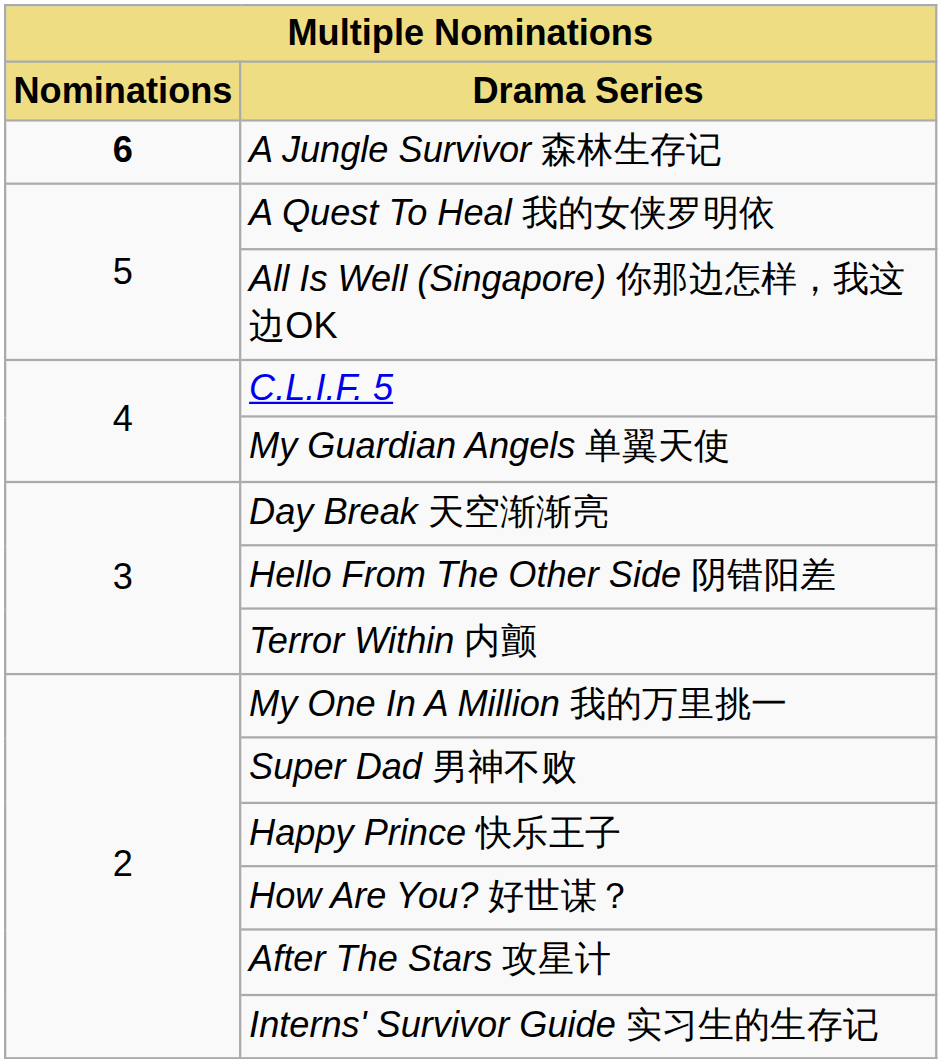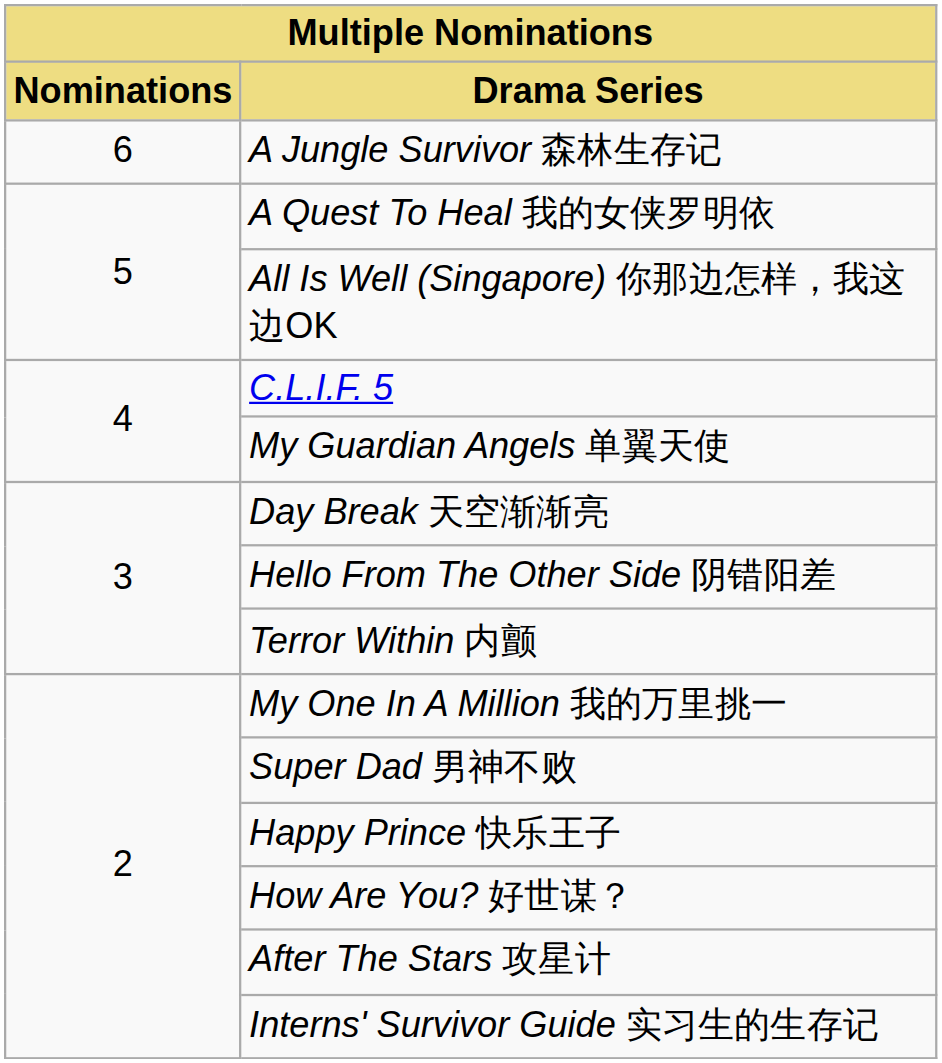 <table class="wikitable">
 <tr>
 <th colspan=2 align=center style="background:#EEDD82">Multiple Nominations</th>
 </tr>
 <tr>
 <th scope="col" style="background-color:#EEDD82 ;width:050px;">Nominations</th>
 <th scope="col" style="background-color:#EEDD82 ;width:300px;">Drama Series</th>
 </tr>
 <tr>
-<td style="text-align:center"><strong>6</strong></td>
+<td style="text-align:center">6</td>
 <td><em>A Jungle Survivor</em> 森林生存记</td>
 </tr>
 <tr>
 <td rowspan="2" style="text-align:center">5</td>
 <td><em>A Quest To Heal</em> 我的女侠罗明依</td>
 </tr>
 <tr>
 <td><em>All Is Well (Singapore)</em> 你那边怎样，我这边OK</td>
 </tr>
 <tr>
 <td rowspan="2" style="text-align:center">4</td>
 <td><em><a href='#'>C.L.I.F. 5</a></em></td>
 </tr>
 <tr>
 <td><em>My Guardian Angels</em> 单翼天使</td>
 </tr>
 <tr>
 <td rowspan="3" style="text-align:center">3</td>
 <td><em>Day Break</em> 天空渐渐亮</td>
 </tr>
 <tr>
 <td><em>Hello From The Other Side</em> 阴错阳差</td>
 </tr>
 <tr>
 <td><em>Terror Within</em> 内颤</td>
 </tr>
 <tr>
 <td rowspan="6" style="text-align:center">2</td>
 <td><em>My One In A Million</em> 我的万里挑一</td>
 </tr>
 <tr>
 <td><em>Super Dad</em> 男神不败</td>
 </tr>
 <tr>
 <td><em>Happy Prince</em> 快乐王子</td>
 </tr>
 <tr>
 <td><em>How Are You?</em> 好世谋？</td>
 </tr>
 <tr>
 <td><em>After The Stars</em> 攻星计</td>
 </tr>
 <tr>
 <td><em>Interns' Survivor Guide</em> 实习生的生存记</td>
 </tr>
 </table>
